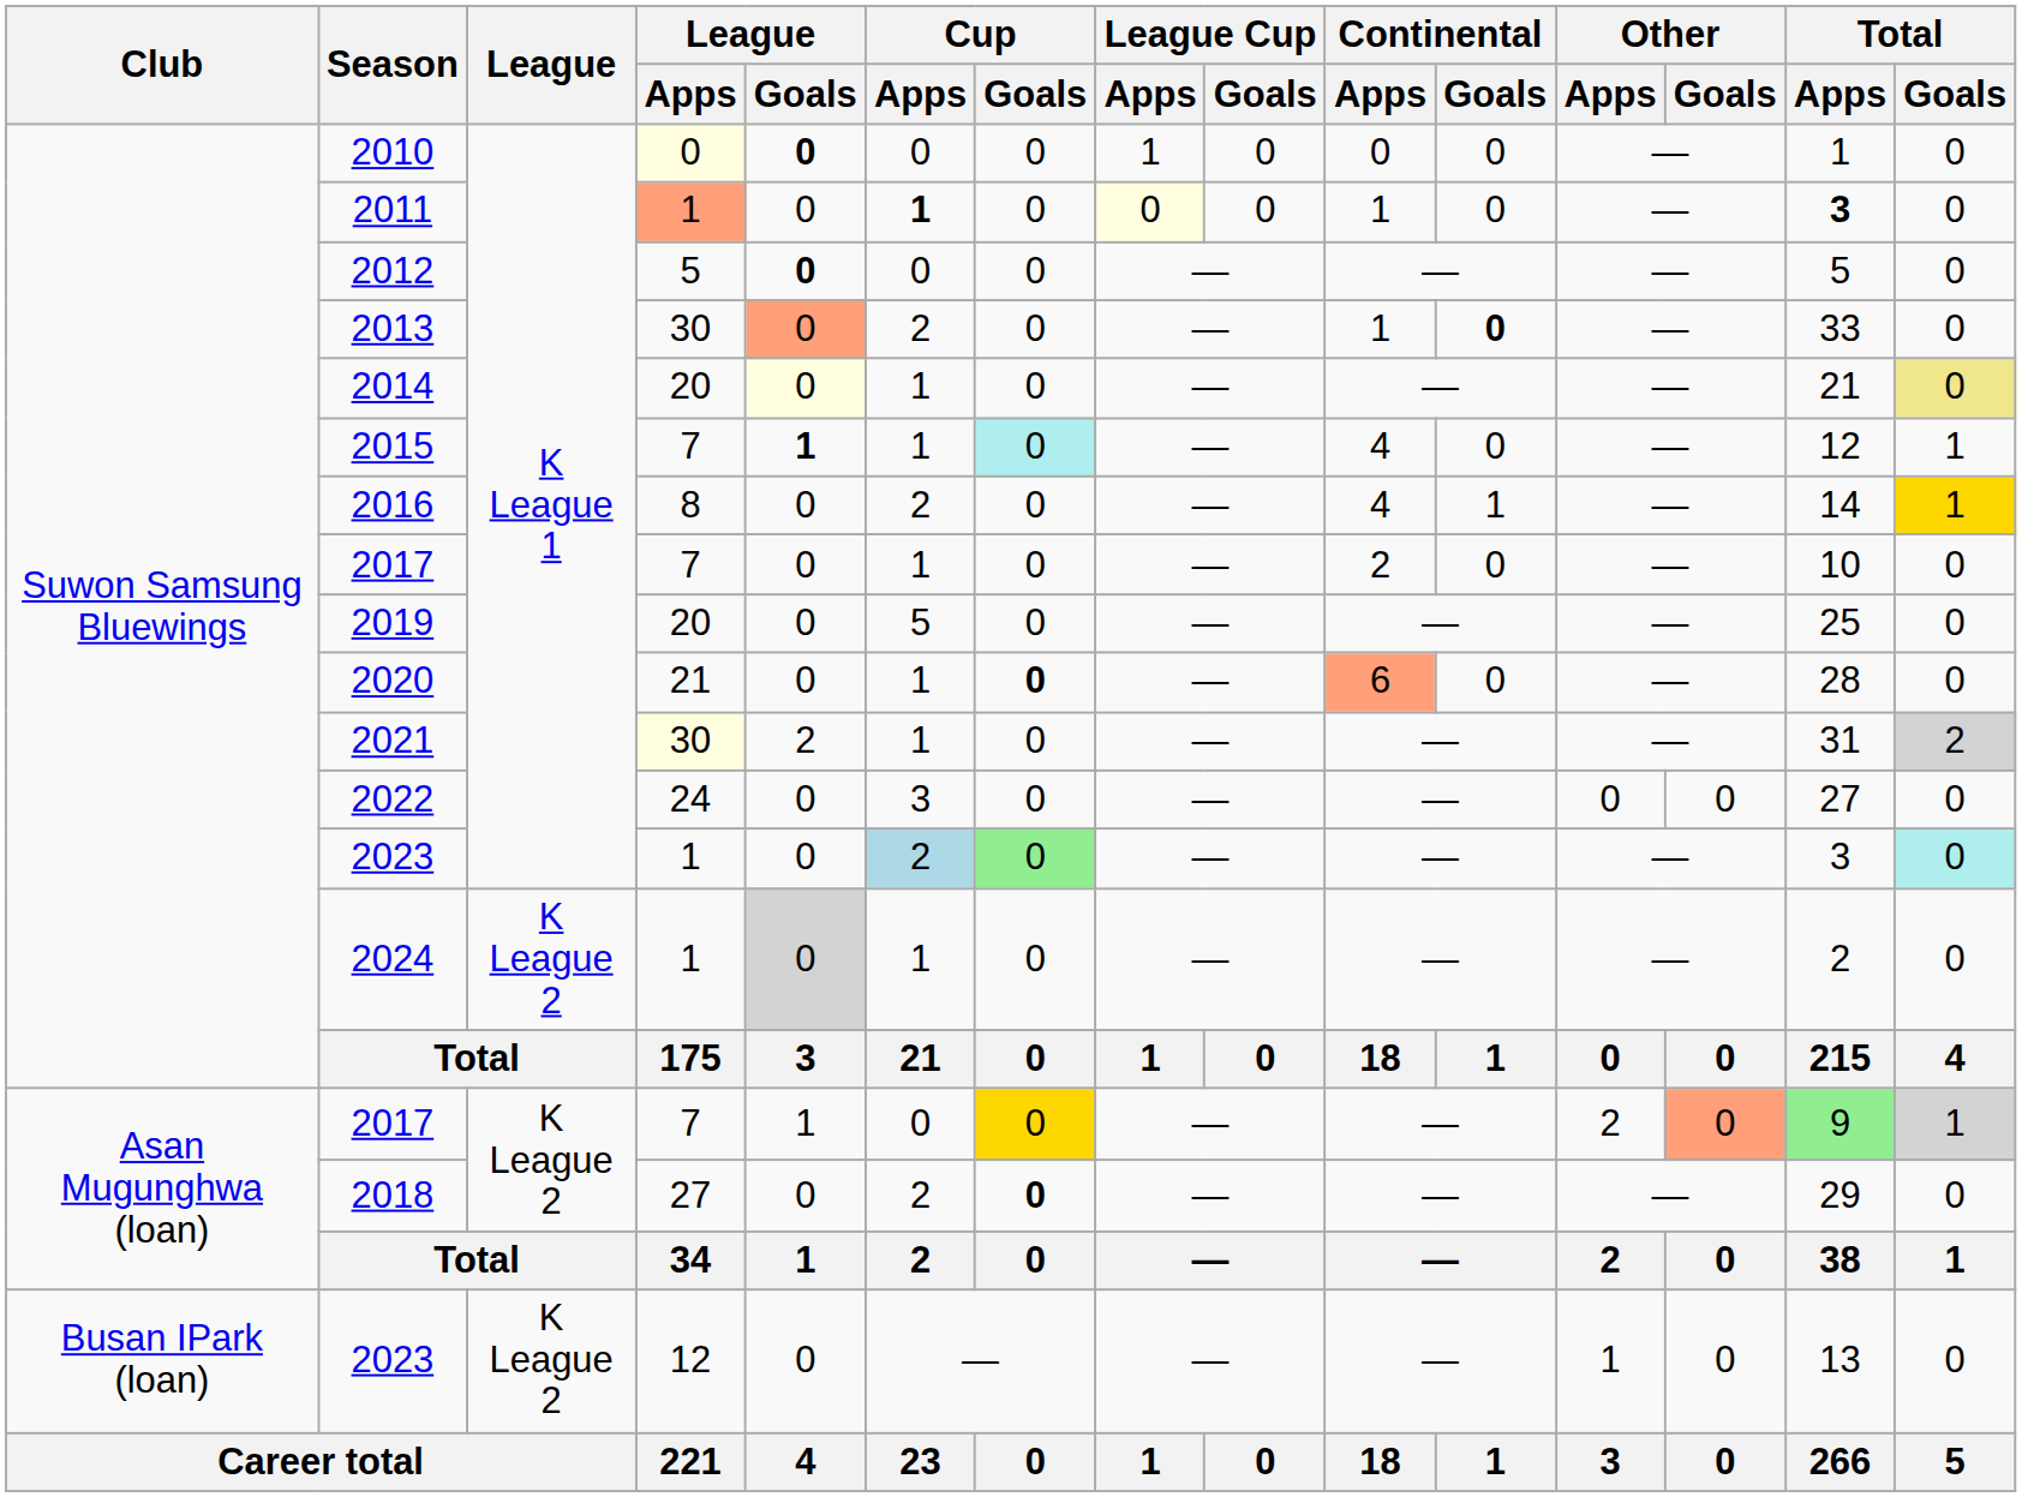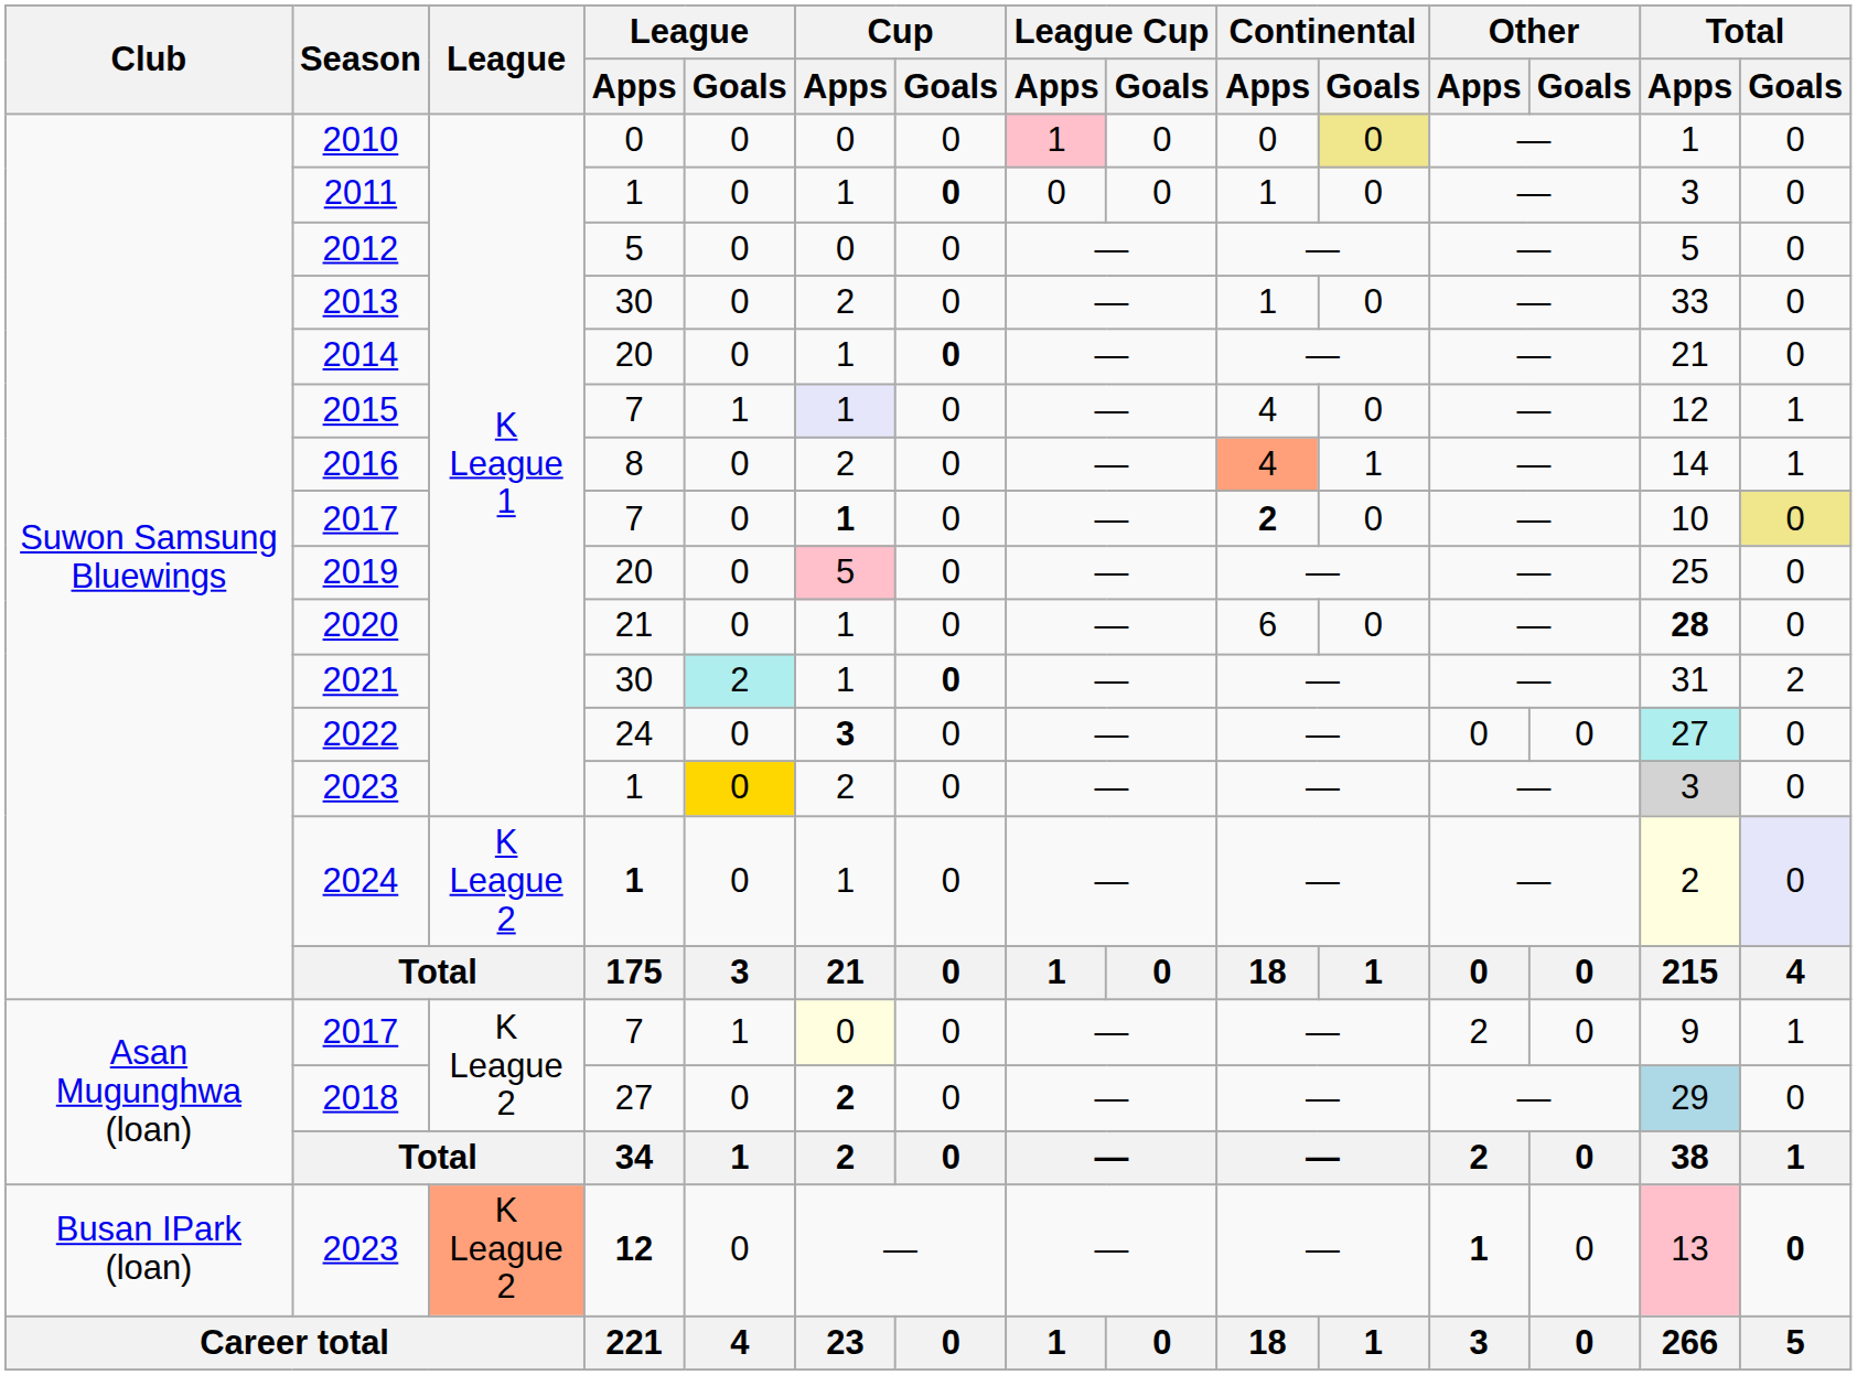 <table class="wikitable" style="text-align:center">
 <tr>
 <th rowspan="2">Club</th>
 <th rowspan="2">Season</th>
 <th rowspan="2">League</th>
 <th colspan="2">League</th>
 <th colspan="2">Cup</th>
 <th colspan="2">League Cup</th>
 <th colspan="2">Continental</th>
 <th colspan="2">Other</th>
 <th colspan="2">Total</th>
 </tr>
 <tr>
 <th>Apps</th>
 <th>Goals</th>
 <th>Apps</th>
 <th>Goals</th>
 <th>Apps</th>
 <th>Goals</th>
 <th>Apps</th>
 <th>Goals</th>
 <th>Apps</th>
 <th>Goals</th>
 <th>Apps</th>
 <th>Goals</th>
 </tr>
 <tr>
 <td rowspan="15"><a href='#'>Suwon Samsung Bluewings</a></td>
 <td><a href='#'>2010</a></td>
 <td rowspan="13"><a href='#'>K League 1</a></td>
-<td style="background: lightyellow;">0</td>
-<td><strong>0</strong></td>
-<td>0</td>
-<td>0</td>
-<td>1</td>
 <td>0</td>
 <td>0</td>
 <td>0</td>
+<td>0</td>
+<td style="background: pink;">1</td>
+<td>0</td>
+<td>0</td>
+<td style="background: khaki;">0</td>
 <td colspan="2">—</td>
 <td>1</td>
 <td>0</td>
 </tr>
 <tr>
 <td><a href='#'>2011</a></td>
-<td style="background: lightsalmon;">1</td>
+<td>1</td>
 <td>0</td>
-<td><strong>1</strong></td>
+<td>1</td>
+<td><strong>0</strong></td>
 <td>0</td>
-<td style="background: lightyellow;">0</td>
 <td>0</td>
 <td>1</td>
 <td>0</td>
 <td colspan="2">—</td>
-<td><strong>3</strong></td>
+<td>3</td>
 <td>0</td>
 </tr>
 <tr>
 <td><a href='#'>2012</a></td>
 <td>5</td>
-<td><strong>0</strong></td>
+<td>0</td>
 <td>0</td>
 <td>0</td>
 <td colspan="2">—</td>
 <td colspan="2">—</td>
 <td colspan="2">—</td>
 <td>5</td>
 <td>0</td>
 </tr>
 <tr>
 <td><a href='#'>2013</a></td>
 <td>30</td>
-<td style="background: lightsalmon;">0</td>
+<td>0</td>
 <td>2</td>
 <td>0</td>
 <td colspan="2">—</td>
 <td>1</td>
-<td><strong>0</strong></td>
+<td>0</td>
 <td colspan="2">—</td>
 <td>33</td>
 <td>0</td>
 </tr>
 <tr>
 <td><a href='#'>2014</a></td>
 <td>20</td>
-<td style="background: lightyellow;">0</td>
+<td>0</td>
 <td>1</td>
-<td>0</td>
+<td><strong>0</strong></td>
 <td colspan="2">—</td>
 <td colspan="2">—</td>
 <td colspan="2">—</td>
 <td>21</td>
-<td style="background: khaki;">0</td>
+<td>0</td>
 </tr>
 <tr>
 <td><a href='#'>2015</a></td>
 <td>7</td>
-<td><strong>1</strong></td>
 <td>1</td>
-<td style="background: paleturquoise;">0</td>
+<td style="background: lavender;">1</td>
+<td>0</td>
 <td colspan="2">—</td>
 <td>4</td>
 <td>0</td>
 <td colspan="2">—</td>
 <td>12</td>
 <td>1</td>
 </tr>
 <tr>
 <td><a href='#'>2016</a></td>
 <td>8</td>
 <td>0</td>
 <td>2</td>
 <td>0</td>
 <td colspan="2">—</td>
-<td>4</td>
+<td style="background: lightsalmon;">4</td>
 <td>1</td>
 <td colspan="2">—</td>
 <td>14</td>
-<td style="background: gold;">1</td>
+<td>1</td>
 </tr>
 <tr>
 <td><a href='#'>2017</a></td>
 <td>7</td>
 <td>0</td>
-<td>1</td>
+<td><strong>1</strong></td>
 <td>0</td>
 <td colspan="2">—</td>
-<td>2</td>
+<td><strong>2</strong></td>
 <td>0</td>
 <td colspan="2">—</td>
 <td>10</td>
-<td>0</td>
+<td style="background: khaki;">0</td>
 </tr>
 <tr>
 <td><a href='#'>2019</a></td>
 <td>20</td>
 <td>0</td>
-<td>5</td>
+<td style="background: pink;">5</td>
 <td>0</td>
 <td colspan="2">—</td>
 <td colspan="2">—</td>
 <td colspan="2">—</td>
 <td>25</td>
 <td>0</td>
 </tr>
 <tr>
 <td><a href='#'>2020</a></td>
 <td>21</td>
 <td>0</td>
 <td>1</td>
-<td><strong>0</strong></td>
-<td colspan="2">—</td>
-<td style="background: lightsalmon;">6</td>
 <td>0</td>
 <td colspan="2">—</td>
-<td>28</td>
+<td>6</td>
+<td>0</td>
+<td colspan="2">—</td>
+<td><strong>28</strong></td>
 <td>0</td>
 </tr>
 <tr>
 <td><a href='#'>2021</a></td>
-<td style="background: lightyellow;">30</td>
+<td>30</td>
+<td style="background: paleturquoise;">2</td>
+<td>1</td>
+<td><strong>0</strong></td>
+<td colspan="2">—</td>
+<td colspan="2">—</td>
+<td colspan="2">—</td>
+<td>31</td>
 <td>2</td>
+</tr>
+<tr>
+<td><a href='#'>2022</a></td>
+<td>24</td>
+<td>0</td>
+<td><strong>3</strong></td>
+<td>0</td>
+<td colspan="2">—</td>
+<td colspan="2">—</td>
+<td>0</td>
+<td>0</td>
+<td style="background: paleturquoise;">27</td>
+<td>0</td>
+</tr>
+<tr>
+<td><a href='#'>2023</a></td>
+<td>1</td>
+<td style="background: gold;">0</td>
+<td>2</td>
+<td>0</td>
+<td colspan="2">—</td>
+<td colspan="2">—</td>
+<td colspan="2">—</td>
+<td style="background: lightgrey;">3</td>
+<td>0</td>
+</tr>
+<tr>
+<td><a href='#'>2024</a></td>
+<td><a href='#'>K League 2</a></td>
+<td><strong>1</strong></td>
+<td>0</td>
 <td>1</td>
 <td>0</td>
 <td colspan="2">—</td>
 <td colspan="2">—</td>
 <td colspan="2">—</td>
-<td>31</td>
-<td style="background: lightgrey;">2</td>
-</tr>
-<tr>
-<td><a href='#'>2022</a></td>
-<td>24</td>
-<td>0</td>
-<td>3</td>
-<td>0</td>
-<td colspan="2">—</td>
-<td colspan="2">—</td>
-<td>0</td>
-<td>0</td>
-<td>27</td>
-<td>0</td>
-</tr>
-<tr>
-<td><a href='#'>2023</a></td>
-<td>1</td>
-<td>0</td>
-<td style="background: lightblue;">2</td>
-<td style="background: lightgreen;">0</td>
-<td colspan="2">—</td>
-<td colspan="2">—</td>
-<td colspan="2">—</td>
-<td>3</td>
-<td style="background: paleturquoise;">0</td>
-</tr>
-<tr>
-<td><a href='#'>2024</a></td>
-<td><a href='#'>K League 2</a></td>
-<td>1</td>
-<td style="background: lightgrey;">0</td>
-<td>1</td>
-<td>0</td>
-<td colspan="2">—</td>
-<td colspan="2">—</td>
-<td colspan="2">—</td>
-<td>2</td>
-<td>0</td>
+<td style="background: lightyellow;">2</td>
+<td style="background: lavender;">0</td>
 </tr>
 <tr>
 <th colspan="2">Total</th>
 <th>175</th>
 <th>3</th>
 <th>21</th>
 <th>0</th>
 <th>1</th>
 <th>0</th>
 <th>18</th>
 <th>1</th>
 <th>0</th>
 <th>0</th>
 <th>215</th>
 <th>4</th>
 </tr>
 <tr>
 <td rowspan="3"><a href='#'>Asan Mugunghwa</a> (loan)</td>
 <td><a href='#'>2017</a></td>
 <td rowspan="2">K League 2</td>
 <td>7</td>
 <td>1</td>
+<td style="background: lightyellow;">0</td>
 <td>0</td>
-<td style="background: gold;">0</td>
 <td colspan="2">—</td>
 <td colspan="2">—</td>
 <td>2</td>
-<td style="background: lightsalmon;">0</td>
-<td style="background: lightgreen;">9</td>
-<td style="background: lightgrey;">1</td>
+<td>0</td>
+<td>9</td>
+<td>1</td>
 </tr>
 <tr>
 <td><a href='#'>2018</a></td>
 <td>27</td>
 <td>0</td>
-<td>2</td>
-<td><strong>0</strong></td>
+<td><strong>2</strong></td>
+<td>0</td>
 <td colspan="2">—</td>
 <td colspan="2">—</td>
 <td colspan="2">—</td>
-<td>29</td>
+<td style="background: lightblue;">29</td>
 <td>0</td>
 </tr>
 <tr>
 <th colspan="2">Total</th>
 <th>34</th>
 <th>1</th>
 <th>2</th>
 <th>0</th>
 <th colspan="2">—</th>
 <th colspan="2">—</th>
 <th>2</th>
 <th>0</th>
 <th>38</th>
 <th>1</th>
 </tr>
 <tr>
 <td><a href='#'>Busan IPark</a> (loan)</td>
 <td><a href='#'>2023</a></td>
-<td>K League 2</td>
-<td>12</td>
+<td style="background: lightsalmon;">K League 2</td>
+<td><strong>12</strong></td>
 <td>0</td>
 <td colspan="2">—</td>
 <td colspan="2">—</td>
 <td colspan="2">—</td>
-<td>1</td>
+<td><strong>1</strong></td>
 <td>0</td>
-<td>13</td>
-<td>0</td>
+<td style="background: pink;">13</td>
+<td><strong>0</strong></td>
 </tr>
 <tr>
 <th colspan="3">Career total</th>
 <th>221</th>
 <th>4</th>
 <th>23</th>
 <th>0</th>
 <th>1</th>
 <th>0</th>
 <th>18</th>
 <th>1</th>
 <th>3</th>
 <th>0</th>
 <th>266</th>
 <th>5</th>
 </tr>
 </table>
